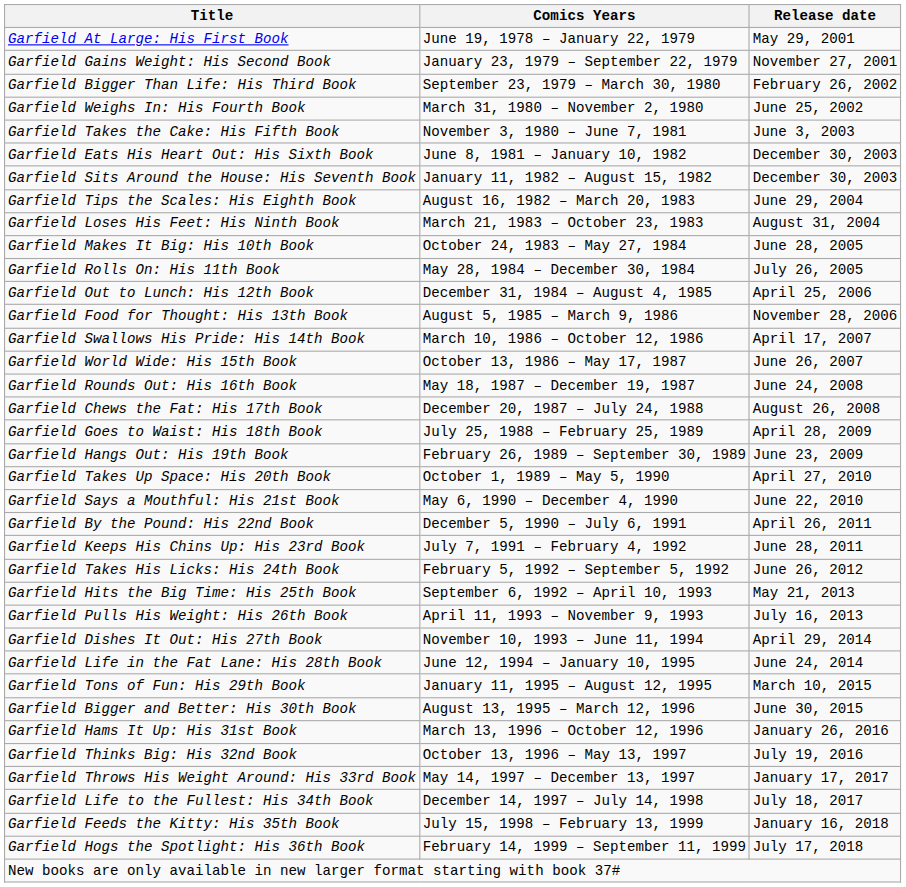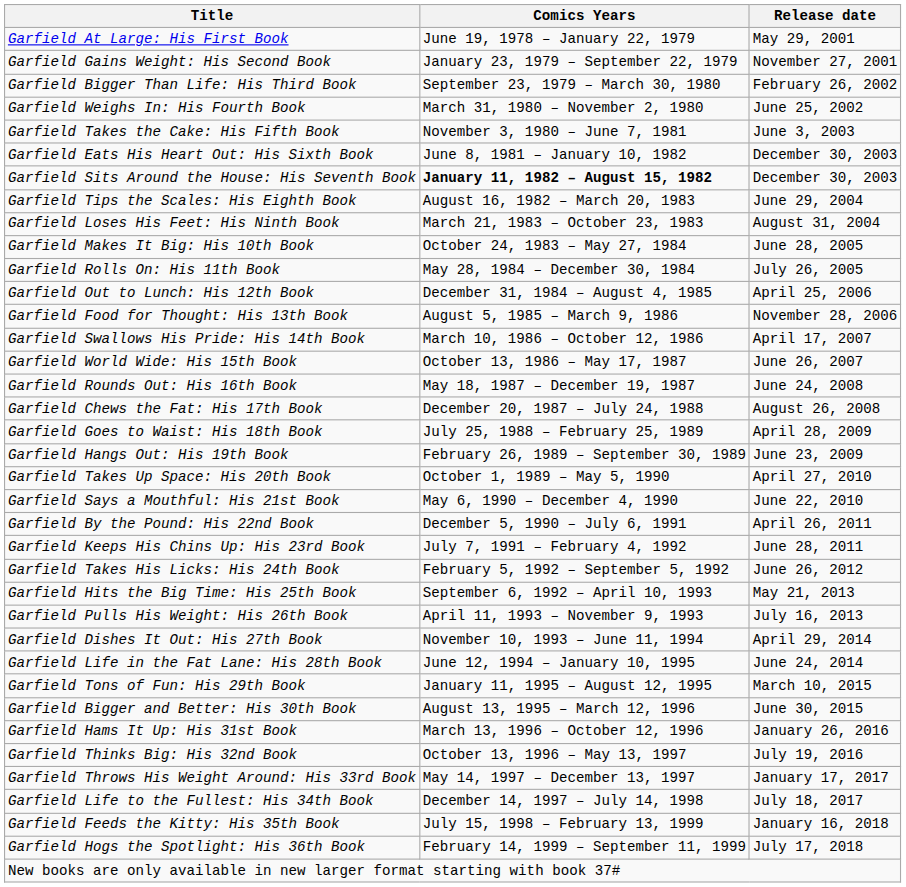 <table class="wikitable">
 <tr>
 <th>Title</th>
 <th>Comics Years</th>
 <th>Release date</th>
 </tr>
 <tr>
 <td><em><a href='#'>Garfield At Large: His First Book</a></em></td>
 <td>June 19, 1978 – January 22, 1979</td>
 <td>May 29, 2001</td>
 </tr>
 <tr>
 <td><em>Garfield Gains Weight: His Second Book</em></td>
 <td>January 23, 1979 – September 22, 1979</td>
 <td>November 27, 2001</td>
 </tr>
 <tr>
 <td><em>Garfield Bigger Than Life: His Third Book</em></td>
 <td>September 23, 1979 – March 30, 1980</td>
 <td>February 26, 2002</td>
 </tr>
 <tr>
 <td><em>Garfield Weighs In: His Fourth Book</em></td>
 <td>March 31, 1980 – November 2, 1980</td>
 <td>June 25, 2002</td>
 </tr>
 <tr>
 <td><em>Garfield Takes the Cake: His Fifth Book</em></td>
 <td>November 3, 1980 – June 7, 1981</td>
 <td>June 3, 2003</td>
 </tr>
 <tr>
 <td><em>Garfield Eats His Heart Out: His Sixth Book</em></td>
 <td>June 8, 1981 – January 10, 1982</td>
 <td>December 30, 2003</td>
 </tr>
 <tr>
 <td><em>Garfield Sits Around the House: His Seventh Book</em></td>
-<td>January 11, 1982 – August 15, 1982</td>
+<td><strong>January 11, 1982 – August 15, 1982</strong></td>
 <td>December 30, 2003</td>
 </tr>
 <tr>
 <td><em>Garfield Tips the Scales: His Eighth Book</em></td>
 <td>August 16, 1982 – March 20, 1983</td>
 <td>June 29, 2004</td>
 </tr>
 <tr>
 <td><em>Garfield Loses His Feet: His Ninth Book</em></td>
 <td>March 21, 1983 – October 23, 1983</td>
 <td>August 31, 2004</td>
 </tr>
 <tr>
 <td><em>Garfield Makes It Big: His 10th Book</em></td>
 <td>October 24, 1983 – May 27, 1984</td>
 <td>June 28, 2005</td>
 </tr>
 <tr>
 <td><em>Garfield Rolls On: His 11th Book</em></td>
 <td>May 28, 1984 – December 30, 1984</td>
 <td>July 26, 2005</td>
 </tr>
 <tr>
 <td><em>Garfield Out to Lunch: His 12th Book</em></td>
 <td>December 31, 1984 – August 4, 1985</td>
 <td>April 25, 2006</td>
 </tr>
 <tr>
 <td><em>Garfield Food for Thought: His 13th Book</em></td>
 <td>August 5, 1985 – March 9, 1986</td>
 <td>November 28, 2006</td>
 </tr>
 <tr>
 <td><em>Garfield Swallows His Pride: His 14th Book</em></td>
 <td>March 10, 1986 – October 12, 1986</td>
 <td>April 17, 2007</td>
 </tr>
 <tr>
 <td><em>Garfield World Wide: His 15th Book</em></td>
 <td>October 13, 1986 – May 17, 1987</td>
 <td>June 26, 2007</td>
 </tr>
 <tr>
 <td><em>Garfield Rounds Out: His 16th Book</em></td>
 <td>May 18, 1987 – December 19, 1987</td>
 <td>June 24, 2008</td>
 </tr>
 <tr>
 <td><em>Garfield Chews the Fat: His 17th Book</em></td>
 <td>December 20, 1987 – July 24, 1988</td>
 <td>August 26, 2008</td>
 </tr>
 <tr>
 <td><em>Garfield Goes to Waist: His 18th Book</em></td>
 <td>July 25, 1988 – February 25, 1989</td>
 <td>April 28, 2009</td>
 </tr>
 <tr>
 <td><em>Garfield Hangs Out: His 19th Book</em></td>
 <td>February 26, 1989 – September 30, 1989</td>
 <td>June 23, 2009</td>
 </tr>
 <tr>
 <td><em>Garfield Takes Up Space: His 20th Book</em></td>
 <td>October 1, 1989 – May 5, 1990</td>
 <td>April 27, 2010</td>
 </tr>
 <tr>
 <td><em>Garfield Says a Mouthful: His 21st Book</em></td>
 <td>May 6, 1990 – December 4, 1990</td>
 <td>June 22, 2010</td>
 </tr>
 <tr>
 <td><em>Garfield By the Pound: His 22nd Book</em></td>
 <td>December 5, 1990 – July 6, 1991</td>
 <td>April 26, 2011</td>
 </tr>
 <tr>
 <td><em>Garfield Keeps His Chins Up: His 23rd Book</em></td>
 <td>July 7, 1991 – February 4, 1992</td>
 <td>June 28, 2011</td>
 </tr>
 <tr>
 <td><em>Garfield Takes His Licks: His 24th Book</em></td>
 <td>February 5, 1992 – September 5, 1992</td>
 <td>June 26, 2012</td>
 </tr>
 <tr>
 <td><em>Garfield Hits the Big Time: His 25th Book</em></td>
 <td>September 6, 1992 – April 10, 1993</td>
 <td>May 21, 2013</td>
 </tr>
 <tr>
 <td><em>Garfield Pulls His Weight: His 26th Book</em></td>
 <td>April 11, 1993 – November 9, 1993</td>
 <td>July 16, 2013</td>
 </tr>
 <tr>
 <td><em>Garfield Dishes It Out: His 27th Book</em></td>
 <td>November 10, 1993 – June 11, 1994</td>
 <td>April 29, 2014</td>
 </tr>
 <tr>
 <td><em>Garfield Life in the Fat Lane: His 28th Book</em></td>
 <td>June 12, 1994 – January 10, 1995</td>
 <td>June 24, 2014</td>
 </tr>
 <tr>
 <td><em>Garfield Tons of Fun: His 29th Book</em></td>
 <td>January 11, 1995 – August 12, 1995</td>
 <td>March 10, 2015</td>
 </tr>
 <tr>
 <td><em>Garfield Bigger and Better: His 30th Book</em></td>
 <td>August 13, 1995 – March 12, 1996</td>
 <td>June 30, 2015</td>
 </tr>
 <tr>
 <td><em>Garfield Hams It Up: His 31st Book</em></td>
 <td>March 13, 1996 – October 12, 1996</td>
 <td>January 26, 2016</td>
 </tr>
 <tr>
 <td><em>Garfield Thinks Big: His 32nd Book</em></td>
 <td>October 13, 1996 – May 13, 1997</td>
 <td>July 19, 2016</td>
 </tr>
 <tr>
 <td><em>Garfield Throws His Weight Around: His 33rd Book</em></td>
 <td>May 14, 1997 – December 13, 1997</td>
 <td>January 17, 2017</td>
 </tr>
 <tr>
 <td><em>Garfield Life to the Fullest: His 34th Book</em></td>
 <td>December 14, 1997 – July 14, 1998</td>
 <td>July 18, 2017</td>
 </tr>
 <tr>
 <td><em>Garfield Feeds the Kitty: His 35th Book</em></td>
 <td>July 15, 1998 – February 13, 1999</td>
 <td>January 16, 2018</td>
 </tr>
 <tr>
 <td><em>Garfield Hogs the Spotlight: His 36th Book</em></td>
 <td>February 14, 1999 – September 11, 1999</td>
 <td>July 17, 2018</td>
 </tr>
 <tr>
 <td colspan=3>New books are only available in new larger format starting with book 37#</td>
 </tr>
 </table>
